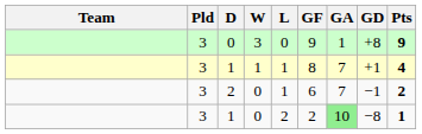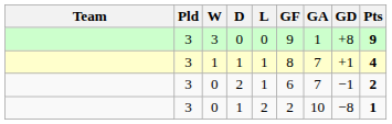 <table class="wikitable" style="text-align:center;">
 <tr>
 <th width=180>Team</th>
 <th width=20>Pld</th>
+<th width=20>W</th>
 <th width=20>D</th>
-<th width=20>W</th>
 <th width=20>L</th>
 <th width=20>GF</th>
 <th width=20>GA</th>
 <th width=20>GD</th>
 <th width=20>Pts</th>
 </tr>
 <tr style="background:#cfc;">
 <td align="left"></td>
 <td>3</td>
+<td>3</td>
 <td>0</td>
-<td>3</td>
 <td>0</td>
 <td>9</td>
 <td>1</td>
 <td>+8</td>
 <td><strong>9</strong></td>
 </tr>
 <tr style="background:#ffc;">
 <td align="left"><em></em></td>
 <td>3</td>
 <td>1</td>
 <td>1</td>
 <td>1</td>
 <td>8</td>
 <td>7</td>
 <td>+1</td>
 <td><strong>4</strong></td>
 </tr>
 <tr>
 <td align="left"></td>
 <td>3</td>
+<td>0</td>
 <td>2</td>
-<td>0</td>
 <td>1</td>
 <td>6</td>
 <td>7</td>
 <td>−1</td>
 <td><strong>2</strong></td>
 </tr>
 <tr>
 <td align="left"></td>
 <td>3</td>
+<td>0</td>
 <td>1</td>
-<td>0</td>
 <td>2</td>
 <td>2</td>
-<td style="background: lightgreen;">10</td>
+<td>10</td>
 <td>−8</td>
 <td><strong>1</strong></td>
 </tr>
 </table>
